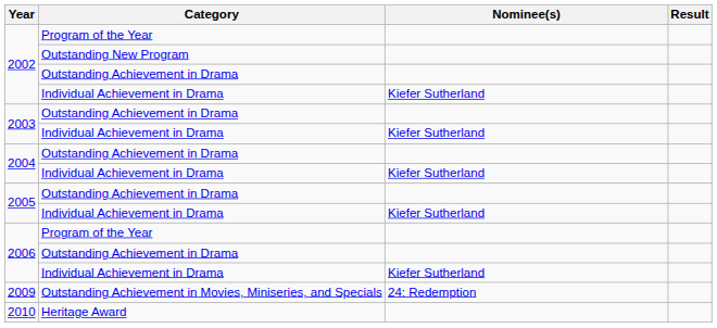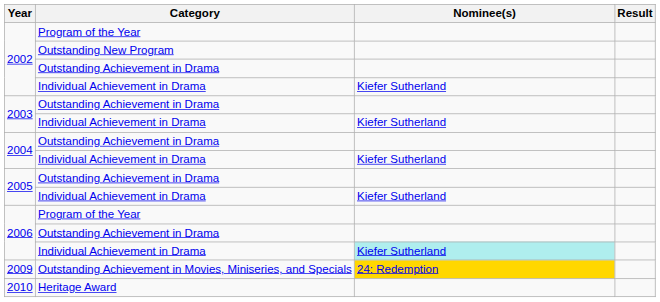 <table class="wikitable">
 <tr>
 <th>Year</th>
 <th>Category</th>
 <th style="width:40%;">Nominee(s)</th>
 <th>Result</th>
 </tr>
 <tr>
 <td rowspan=4><a href='#'>2002</a></td>
 <td><a href='#'>Program of the Year</a></td>
 <td></td>
 <td></td>
 </tr>
 <tr>
 <td><a href='#'>Outstanding New Program</a></td>
 <td></td>
 <td></td>
 </tr>
 <tr>
 <td><a href='#'>Outstanding Achievement in Drama</a></td>
 <td></td>
 <td></td>
 </tr>
 <tr>
 <td><a href='#'>Individual Achievement in Drama</a></td>
 <td><a href='#'>Kiefer Sutherland</a></td>
 <td></td>
 </tr>
 <tr>
 <td rowspan=2><a href='#'>2003</a></td>
 <td><a href='#'>Outstanding Achievement in Drama</a></td>
 <td></td>
 <td></td>
 </tr>
 <tr>
 <td><a href='#'>Individual Achievement in Drama</a></td>
 <td><a href='#'>Kiefer Sutherland</a></td>
 <td></td>
 </tr>
 <tr>
 <td rowspan=2><a href='#'>2004</a></td>
 <td><a href='#'>Outstanding Achievement in Drama</a></td>
 <td></td>
 <td></td>
 </tr>
 <tr>
 <td><a href='#'>Individual Achievement in Drama</a></td>
 <td><a href='#'>Kiefer Sutherland</a></td>
 <td></td>
 </tr>
 <tr>
 <td rowspan=2><a href='#'>2005</a></td>
 <td><a href='#'>Outstanding Achievement in Drama</a></td>
 <td></td>
 <td></td>
 </tr>
 <tr>
 <td><a href='#'>Individual Achievement in Drama</a></td>
 <td><a href='#'>Kiefer Sutherland</a></td>
 <td></td>
 </tr>
 <tr>
 <td rowspan=3><a href='#'>2006</a></td>
 <td><a href='#'>Program of the Year</a></td>
 <td></td>
 <td></td>
 </tr>
 <tr>
 <td><a href='#'>Outstanding Achievement in Drama</a></td>
 <td></td>
 <td></td>
 </tr>
 <tr>
 <td><a href='#'>Individual Achievement in Drama</a></td>
-<td><a href='#'>Kiefer Sutherland</a></td>
+<td style="background: paleturquoise;"><a href='#'>Kiefer Sutherland</a></td>
 <td></td>
 </tr>
 <tr>
 <td rowspan=1><a href='#'>2009</a></td>
 <td><a href='#'>Outstanding Achievement in Movies, Miniseries, and Specials</a></td>
-<td><a href='#'>24: Redemption</a></td>
+<td style="background: gold;"><a href='#'>24: Redemption</a></td>
 <td></td>
 </tr>
 <tr>
 <td rowspan=1><a href='#'>2010</a></td>
 <td><a href='#'>Heritage Award</a></td>
 <td></td>
 <td></td>
 </tr>
 </table>
